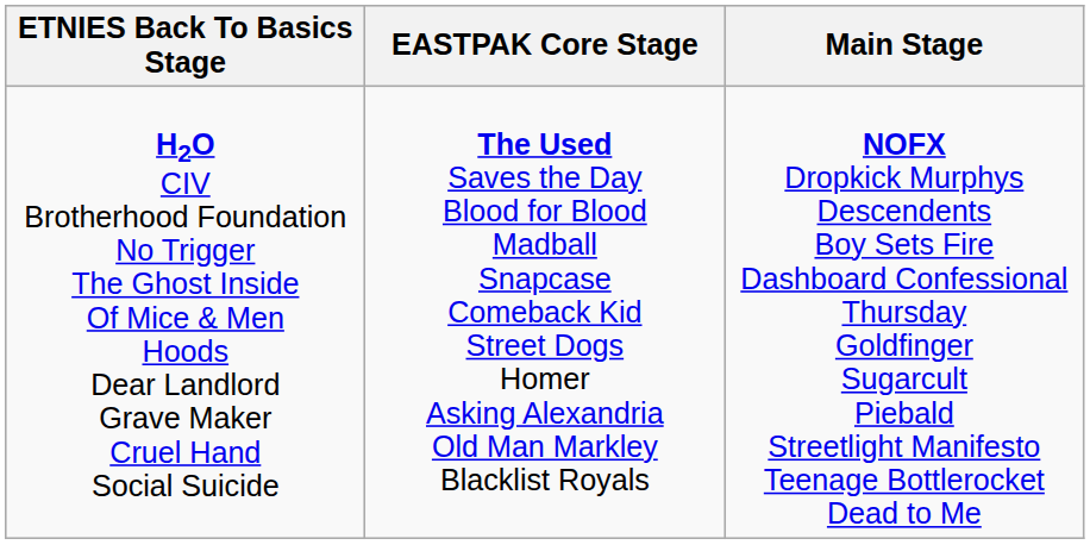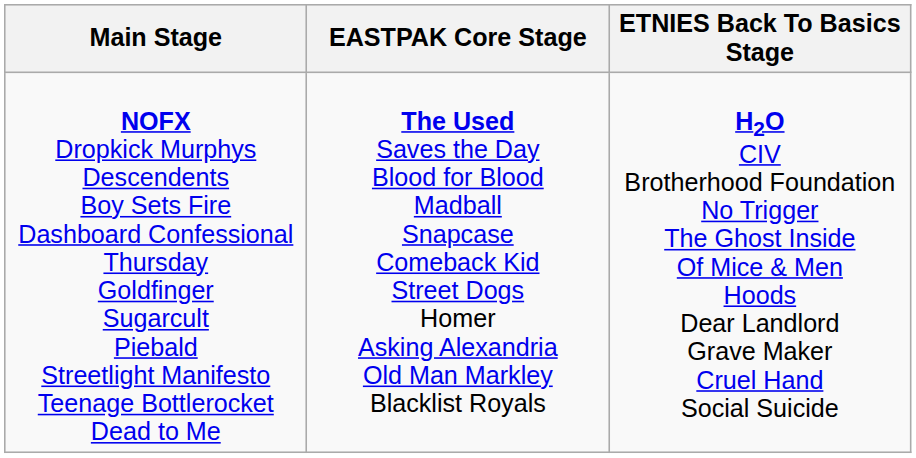 <table class="wikitable">
 <tr>
+<th>Main Stage</th>
+<th>EASTPAK Core Stage</th>
 <th>ETNIES Back To Basics Stage</th>
-<th>EASTPAK Core Stage</th>
-<th>Main Stage</th>
 </tr>
 <tr>
+<td style="text-align:center; vertical-align:top; width:185px;"><br><strong><a href='#'>NOFX</a></strong> <br><a href='#'>Dropkick Murphys</a> <br><a href='#'>Descendents</a> <br><a href='#'>Boy Sets Fire</a> <br><a href='#'>Dashboard Confessional</a> <br><a href='#'>Thursday</a> <br><a href='#'>Goldfinger</a> <br><a href='#'>Sugarcult</a> <br><a href='#'>Piebald</a> <br><a href='#'>Streetlight Manifesto</a> <br><a href='#'>Teenage Bottlerocket</a> <br><a href='#'>Dead to Me</a></td>
+<td style="text-align:center; vertical-align:top; width:185px;"><br><strong><a href='#'>The Used</a></strong> <br><a href='#'>Saves the Day</a> <br><a href='#'>Blood for Blood</a> <br><a href='#'>Madball</a> <br><a href='#'>Snapcase</a> <br><a href='#'>Comeback Kid</a> <br><a href='#'>Street Dogs</a> <br>Homer <br><a href='#'>Asking Alexandria</a> <br><a href='#'>Old Man Markley</a> <br>Blacklist Royals</td>
 <td style="text-align:center; vertical-align:top; width:185px;"><br><strong><a href='#'>H<sub>2</sub>O</a></strong> <br><a href='#'>CIV</a> <br>Brotherhood Foundation <br><a href='#'>No Trigger</a> <br><a href='#'>The Ghost Inside</a> <br><a href='#'>Of Mice & Men</a> <br><a href='#'>Hoods</a> <br>Dear Landlord <br>Grave Maker <br><a href='#'>Cruel Hand</a> <br>Social Suicide</td>
-<td style="text-align:center; vertical-align:top; width:185px;"><br><strong><a href='#'>The Used</a></strong> <br><a href='#'>Saves the Day</a> <br><a href='#'>Blood for Blood</a> <br><a href='#'>Madball</a> <br><a href='#'>Snapcase</a> <br><a href='#'>Comeback Kid</a> <br><a href='#'>Street Dogs</a> <br>Homer <br><a href='#'>Asking Alexandria</a> <br><a href='#'>Old Man Markley</a> <br>Blacklist Royals</td>
-<td style="text-align:center; vertical-align:top; width:185px;"><br><strong><a href='#'>NOFX</a></strong> <br><a href='#'>Dropkick Murphys</a> <br><a href='#'>Descendents</a> <br><a href='#'>Boy Sets Fire</a> <br><a href='#'>Dashboard Confessional</a> <br><a href='#'>Thursday</a> <br><a href='#'>Goldfinger</a> <br><a href='#'>Sugarcult</a> <br><a href='#'>Piebald</a> <br><a href='#'>Streetlight Manifesto</a> <br><a href='#'>Teenage Bottlerocket</a> <br><a href='#'>Dead to Me</a></td>
 </tr>
 </table>
